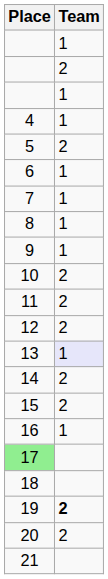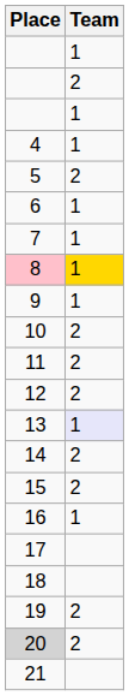 <table class="wikitable">
 <tr>
 <th>Place</th>
 <th>Team</th>
 </tr>
 <tr>
 <td align=center></td>
 <td> 1</td>
 </tr>
 <tr>
 <td align=center></td>
 <td> 2</td>
 </tr>
 <tr>
 <td align=center></td>
 <td> 1</td>
 </tr>
 <tr>
 <td align=center>4</td>
 <td> 1</td>
 </tr>
 <tr>
 <td align=center>5</td>
 <td> 2</td>
 </tr>
 <tr>
 <td align=center>6</td>
 <td> 1</td>
 </tr>
 <tr>
 <td align=center>7</td>
 <td> 1</td>
 </tr>
 <tr>
-<td align=center>8</td>
-<td> 1</td>
+<td align=center style="background: pink;">8</td>
+<td style="background: gold;"> 1</td>
 </tr>
 <tr>
 <td align=center>9</td>
 <td> 1</td>
 </tr>
 <tr>
 <td align=center>10</td>
 <td> 2</td>
 </tr>
 <tr>
 <td align=center>11</td>
 <td> 2</td>
 </tr>
 <tr>
 <td align=center>12</td>
 <td> 2</td>
 </tr>
 <tr>
 <td align=center>13</td>
 <td style="background: lavender;"> 1</td>
 </tr>
 <tr>
 <td align=center>14</td>
 <td> 2</td>
 </tr>
 <tr>
 <td align=center>15</td>
 <td> 2</td>
 </tr>
 <tr>
 <td align=center>16</td>
 <td> 1</td>
 </tr>
 <tr>
-<td align=center style="background: lightgreen;">17</td>
+<td align=center>17</td>
 <td></td>
 </tr>
 <tr>
 <td align=center>18</td>
 <td></td>
 </tr>
 <tr>
 <td align=center>19</td>
-<td><strong> 2</strong></td>
+<td> 2</td>
 </tr>
 <tr>
-<td align=center>20</td>
+<td align=center style="background: lightgrey;">20</td>
 <td> 2</td>
 </tr>
 <tr>
 <td align=center>21</td>
 <td></td>
 </tr>
 </table>
